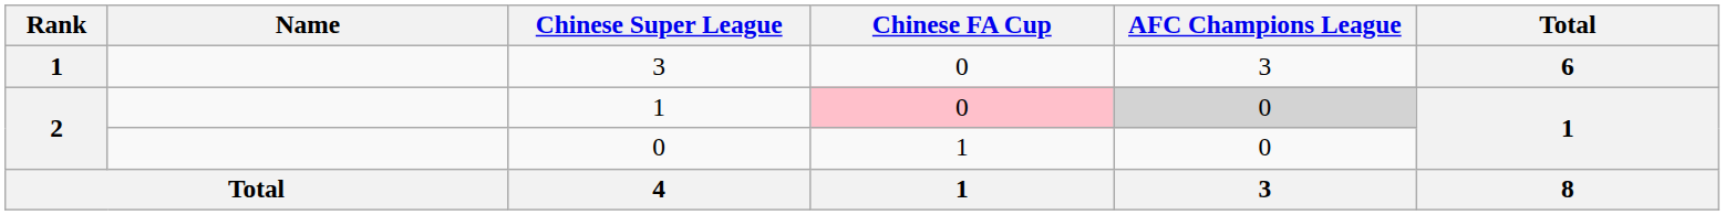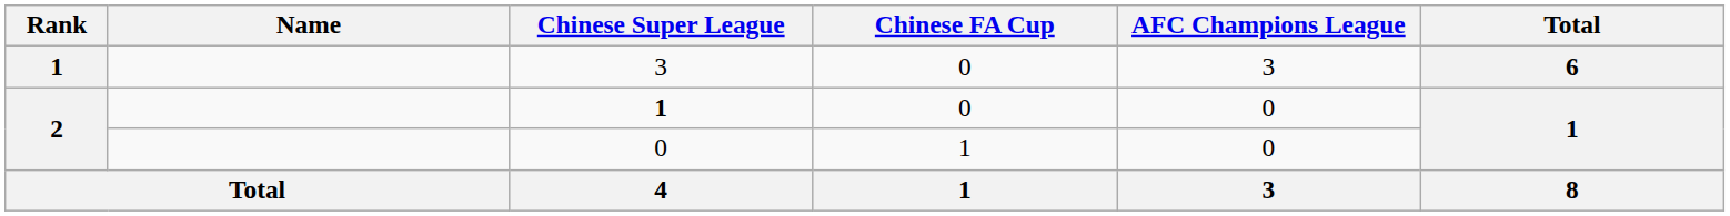 <table class="wikitable" style="text-align: center;">
 <tr>
 <th style="width:56px;">Rank</th>
 <th style="width:240px;">Name</th>
 <th style="width:180px;"><a href='#'>Chinese Super League</a></th>
 <th style="width:180px;"><a href='#'>Chinese FA Cup</a></th>
 <th style="width:180px;"><a href='#'>AFC Champions League</a></th>
 <th style="width:180px;"><strong>Total</strong></th>
 </tr>
 <tr>
 <th>1</th>
 <td align="left"></td>
 <td>3</td>
 <td>0</td>
 <td>3</td>
 <th>6</th>
 </tr>
 <tr>
 <th rowspan="2">2</th>
 <td align="left"></td>
-<td>1</td>
-<td style="background: pink;">0</td>
-<td style="background: lightgrey;">0</td>
+<td><strong>1</strong></td>
+<td>0</td>
+<td>0</td>
 <th rowspan="2">1</th>
 </tr>
 <tr>
 <td align="left"></td>
 <td>0</td>
 <td>1</td>
 <td>0</td>
 </tr>
 <tr>
 <th colspan="2"><strong>Total</strong></th>
 <th>4</th>
 <th>1</th>
 <th>3</th>
 <th>8</th>
 </tr>
 </table>
